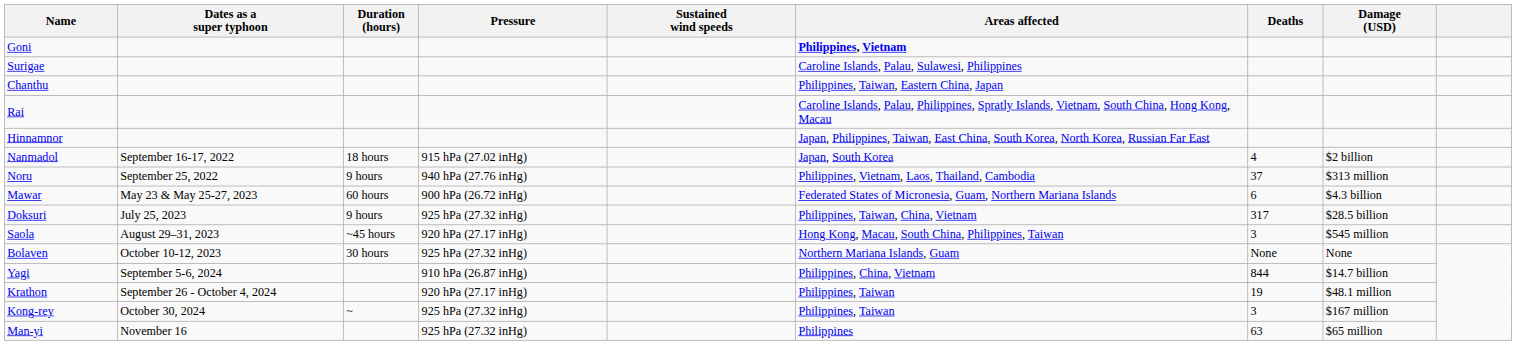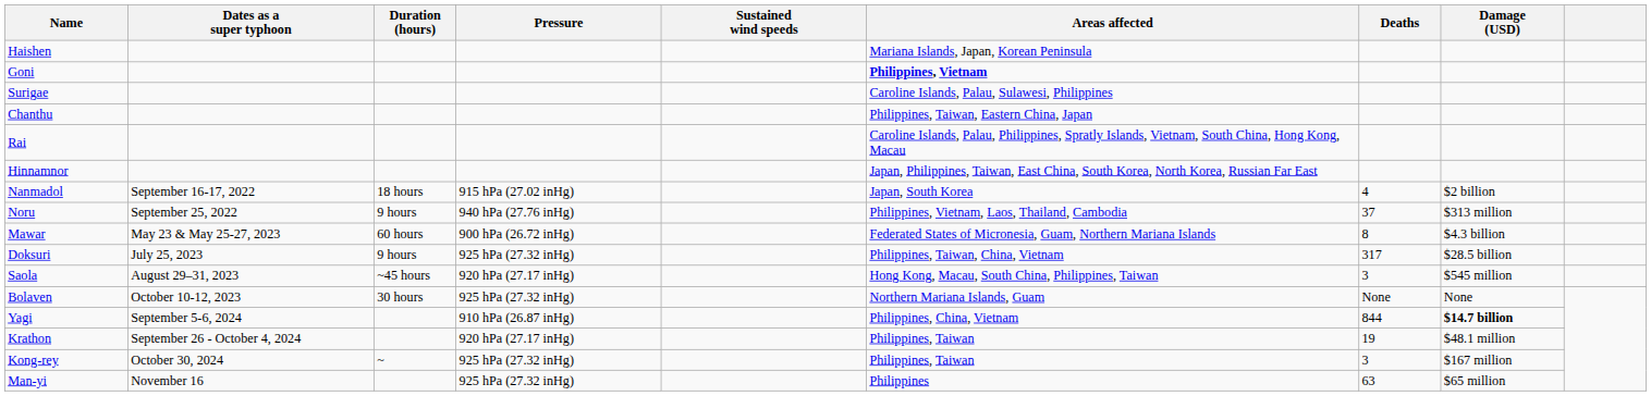 <table class="wikitable sortable mw-collapsible" width="100%">
 <tr>
 <th scope="col" width="7.5%">Name</th>
 <th scope="col" width="15%" data-sort-type="isoDate">Dates as a<br>super typhoon</th>
 <th scope="col" width="5%">Duration<br>(hours)</th>
 <th scope="col" width="12.5%">Pressure</th>
 <th scope="col" width="12.5%">Sustained<br>wind speeds</th>
 <th scope="col" width="30%" class="unsortable">Areas affected</th>
 <th scope="col" width="5%">Deaths</th>
 <th scope="col" width="7.5%">Damage<br>(USD)</th>
 <th scope="col" width="5%" class="unsortable"></th>
+</tr>
+<tr>
+<td><a href='#'>Haishen</a></td>
+<td></td>
+<td></td>
+<td></td>
+<td></td>
+<td><a href='#'>Mariana Islands</a>, Japan, <a href='#'>Korean Peninsula</a></td>
+<td></td>
+<td></td>
+<td></td>
 </tr>
 <tr>
 <td><a href='#'>Goni</a></td>
 <td></td>
 <td></td>
 <td></td>
 <td></td>
 <td><strong><a href='#'>Philippines</a>, <a href='#'>Vietnam</a></strong></td>
 <td></td>
 <td></td>
 <td></td>
 </tr>
 <tr>
 <td><a href='#'>Surigae</a></td>
 <td></td>
 <td></td>
 <td></td>
 <td></td>
 <td><a href='#'>Caroline Islands</a>, <a href='#'>Palau</a>, <a href='#'>Sulawesi</a>, <a href='#'>Philippines</a></td>
 <td></td>
 <td></td>
 <td></td>
 </tr>
 <tr>
 <td><a href='#'>Chanthu</a></td>
 <td></td>
 <td></td>
 <td></td>
 <td></td>
 <td><a href='#'>Philippines</a>, <a href='#'>Taiwan</a>, <a href='#'>Eastern China</a>, <a href='#'>Japan</a></td>
 <td></td>
 <td></td>
 <td></td>
 </tr>
 <tr>
 <td><a href='#'>Rai</a></td>
 <td></td>
 <td></td>
 <td></td>
 <td></td>
 <td><a href='#'>Caroline Islands</a>, <a href='#'>Palau</a>, <a href='#'>Philippines</a>, <a href='#'>Spratly Islands</a>, <a href='#'>Vietnam</a>, <a href='#'>South China</a>, <a href='#'>Hong Kong</a>, <a href='#'>Macau</a></td>
 <td></td>
 <td></td>
 <td></td>
 </tr>
 <tr>
 <td><a href='#'>Hinnamnor</a></td>
 <td></td>
 <td></td>
 <td></td>
 <td></td>
 <td><a href='#'>Japan</a>, <a href='#'>Philippines</a>, <a href='#'>Taiwan</a>, <a href='#'>East China</a>, <a href='#'>South Korea</a>, <a href='#'>North Korea</a>, <a href='#'>Russian Far East</a></td>
 <td></td>
 <td></td>
 <td></td>
 </tr>
 <tr>
 <td><a href='#'>Nanmadol</a></td>
 <td>September 16-17, 2022</td>
 <td>18 hours</td>
 <td>915 hPa (27.02 inHg)</td>
 <td></td>
 <td><a href='#'>Japan</a>, <a href='#'>South Korea</a></td>
 <td>4</td>
 <td>$2 billion</td>
 <td></td>
 </tr>
 <tr>
 <td><a href='#'>Noru</a></td>
 <td>September 25, 2022</td>
 <td>9 hours</td>
 <td>940 hPa (27.76 inHg)</td>
 <td></td>
 <td><a href='#'>Philippines</a>, <a href='#'>Vietnam</a>, <a href='#'>Laos</a>, <a href='#'>Thailand</a>, <a href='#'>Cambodia</a></td>
 <td>37</td>
 <td>$313 million</td>
 <td></td>
 </tr>
 <tr>
 <td><a href='#'>Mawar</a></td>
 <td>May 23 & May 25-27, 2023</td>
 <td>60 hours</td>
 <td>900 hPa (26.72 inHg)</td>
 <td></td>
 <td><a href='#'>Federated States of Micronesia</a>, <a href='#'>Guam</a>, <a href='#'>Northern Mariana Islands</a></td>
-<td>6</td>
+<td>8</td>
 <td>$4.3 billion</td>
 <td></td>
 </tr>
 <tr>
 <td><a href='#'>Doksuri</a></td>
 <td>July 25, 2023</td>
 <td>9 hours</td>
 <td>925 hPa (27.32 inHg)</td>
 <td></td>
 <td><a href='#'>Philippines</a>, <a href='#'>Taiwan</a>, <a href='#'>China</a>, <a href='#'>Vietnam</a></td>
 <td>317</td>
 <td>$28.5 billion</td>
 <td></td>
 </tr>
 <tr>
 <td><a href='#'>Saola</a></td>
 <td>August 29–31, 2023</td>
 <td>~45 hours</td>
 <td>920 hPa (27.17 inHg)</td>
 <td></td>
 <td><a href='#'>Hong Kong</a>, <a href='#'>Macau</a>, <a href='#'>South China</a>, <a href='#'>Philippines</a>, <a href='#'>Taiwan</a></td>
 <td>3</td>
 <td>$545 million</td>
 <td></td>
 </tr>
 <tr>
 <td><a href='#'>Bolaven</a></td>
 <td>October 10-12, 2023</td>
 <td>30 hours</td>
 <td>925 hPa (27.32 inHg)</td>
 <td></td>
 <td><a href='#'>Northern Mariana Islands</a>, <a href='#'>Guam</a></td>
 <td>None</td>
 <td>None</td>
 </tr>
 <tr>
 <td><a href='#'>Yagi</a></td>
 <td>September 5-6, 2024</td>
 <td></td>
 <td>910 hPa (26.87 inHg)</td>
 <td></td>
 <td><a href='#'>Philippines</a>, <a href='#'>China</a>, <a href='#'>Vietnam</a></td>
 <td>844</td>
-<td>$14.7 billion</td>
+<td><strong>$14.7 billion</strong></td>
 </tr>
 <tr>
 <td><a href='#'>Krathon</a></td>
 <td>September 26 - October 4, 2024</td>
 <td></td>
 <td>920 hPa (27.17 inHg)</td>
 <td></td>
 <td><a href='#'>Philippines</a>, <a href='#'>Taiwan</a></td>
 <td>19</td>
 <td>$48.1 million</td>
 </tr>
 <tr>
 <td><a href='#'>Kong-rey</a></td>
 <td>October 30, 2024</td>
 <td>~</td>
 <td>925 hPa (27.32 inHg)</td>
 <td></td>
 <td><a href='#'>Philippines</a>, <a href='#'>Taiwan</a></td>
 <td>3</td>
 <td>$167 million</td>
 </tr>
 <tr>
 <td><a href='#'>Man-yi</a></td>
 <td>November 16</td>
 <td></td>
 <td>925 hPa (27.32 inHg)</td>
 <td></td>
 <td><a href='#'>Philippines</a></td>
 <td>63</td>
 <td>$65 million</td>
 </tr>
 </table>
